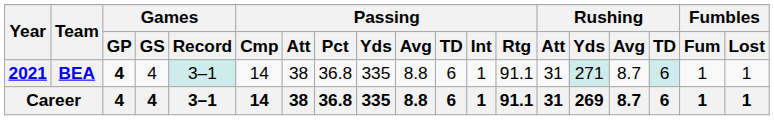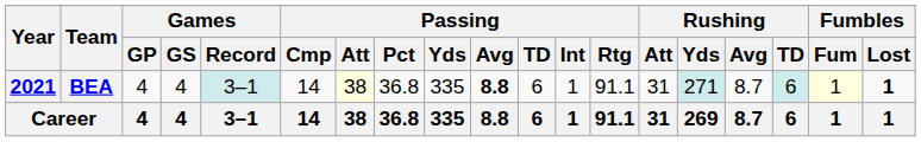 <table class="wikitable" style="text-align:center;">
 <tr>
 </tr>
 <tr>
 <th rowspan="2">Year</th>
 <th rowspan="2">Team</th>
 <th colspan="3">Games</th>
 <th colspan="8">Passing</th>
 <th colspan="4">Rushing</th>
 <th colspan="2">Fumbles</th>
 </tr>
 <tr>
 <th>GP</th>
 <th>GS</th>
 <th>Record</th>
 <th>Cmp</th>
 <th>Att</th>
 <th>Pct</th>
 <th>Yds</th>
 <th>Avg</th>
 <th>TD</th>
 <th>Int</th>
 <th>Rtg</th>
 <th>Att</th>
 <th>Yds</th>
 <th>Avg</th>
 <th>TD</th>
 <th>Fum</th>
 <th>Lost</th>
 </tr>
 <tr>
 <th><a href='#'>2021</a></th>
 <th><a href='#'>BEA</a></th>
-<td><strong>4</strong></td>
+<td>4</td>
 <td>4</td>
 <td style="background:#cfecec;">3–1</td>
 <td>14</td>
-<td>38</td>
+<td style="background: lightyellow;">38</td>
 <td>36.8</td>
 <td>335</td>
-<td>8.8</td>
+<td><strong>8.8</strong></td>
 <td>6</td>
 <td>1</td>
 <td>91.1</td>
 <td>31</td>
 <td style="background:#cfecec;">271</td>
 <td>8.7</td>
 <td style="background:#cfecec;">6</td>
-<td>1</td>
-<td>1</td>
+<td style="background: lightyellow;">1</td>
+<td><strong>1</strong></td>
 </tr>
 <tr>
 <th colspan="2">Career</th>
 <th>4</th>
 <th>4</th>
 <th>3–1</th>
 <th>14</th>
 <th>38</th>
 <th>36.8</th>
 <th>335</th>
 <th>8.8</th>
 <th>6</th>
 <th>1</th>
 <th>91.1</th>
 <th>31</th>
 <th>269</th>
 <th>8.7</th>
 <th>6</th>
 <th>1</th>
 <th>1</th>
 </tr>
 </table>
